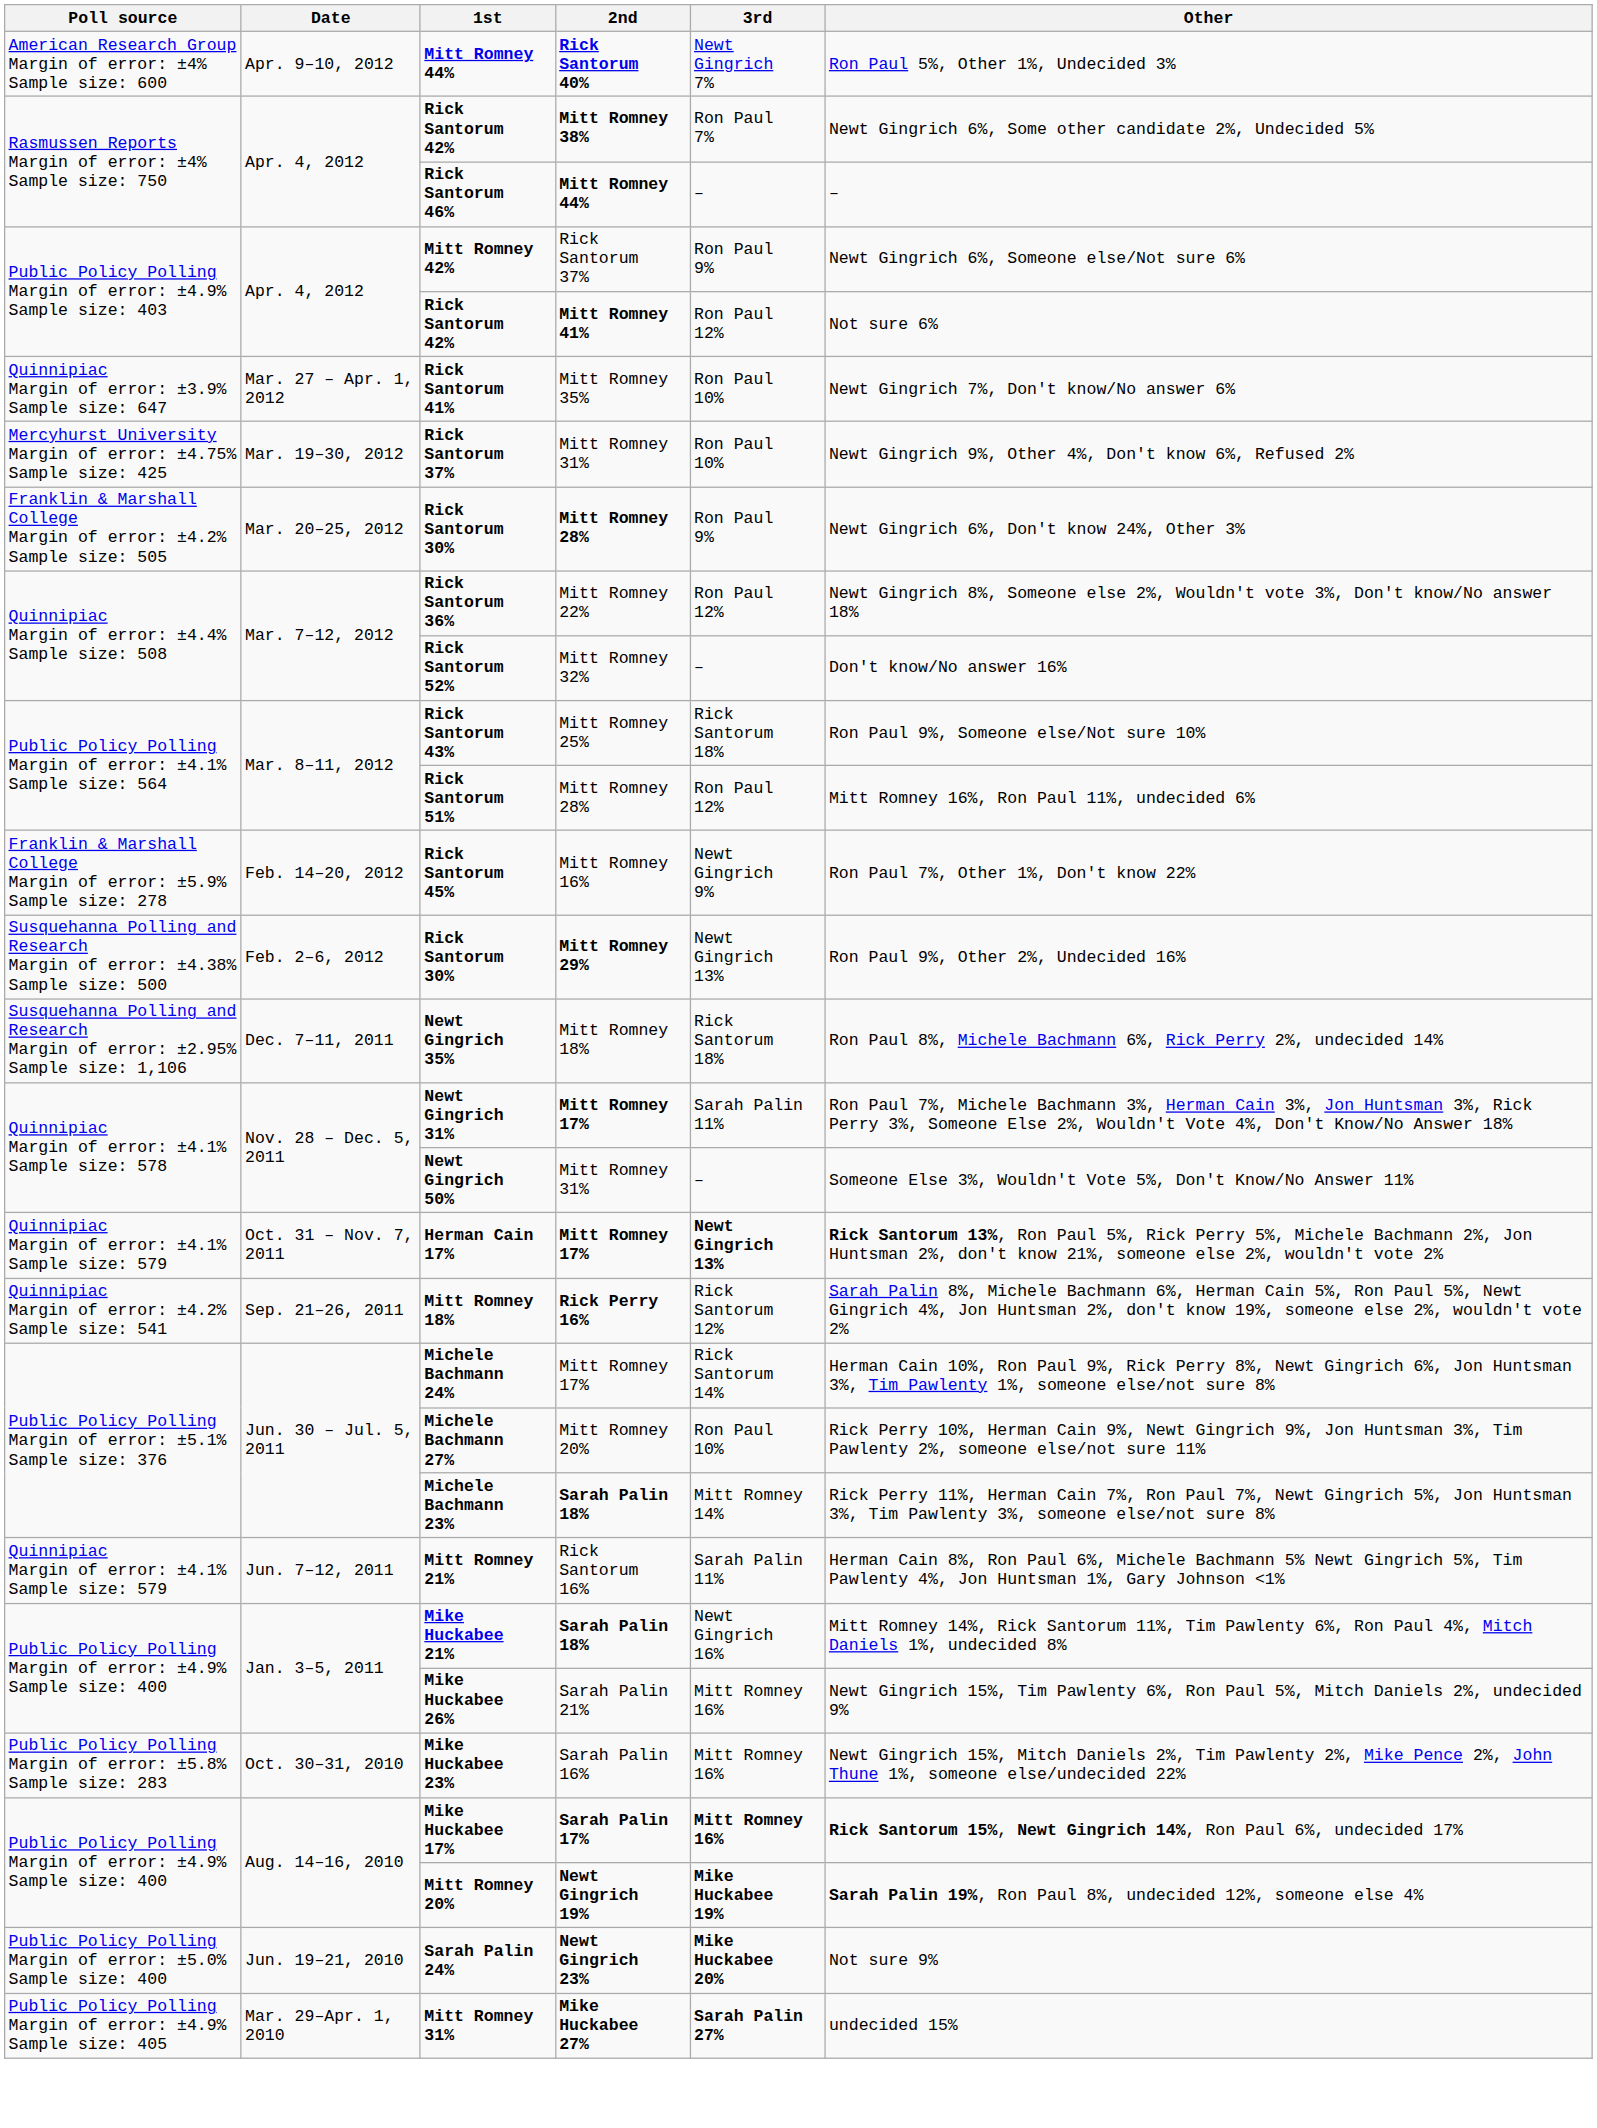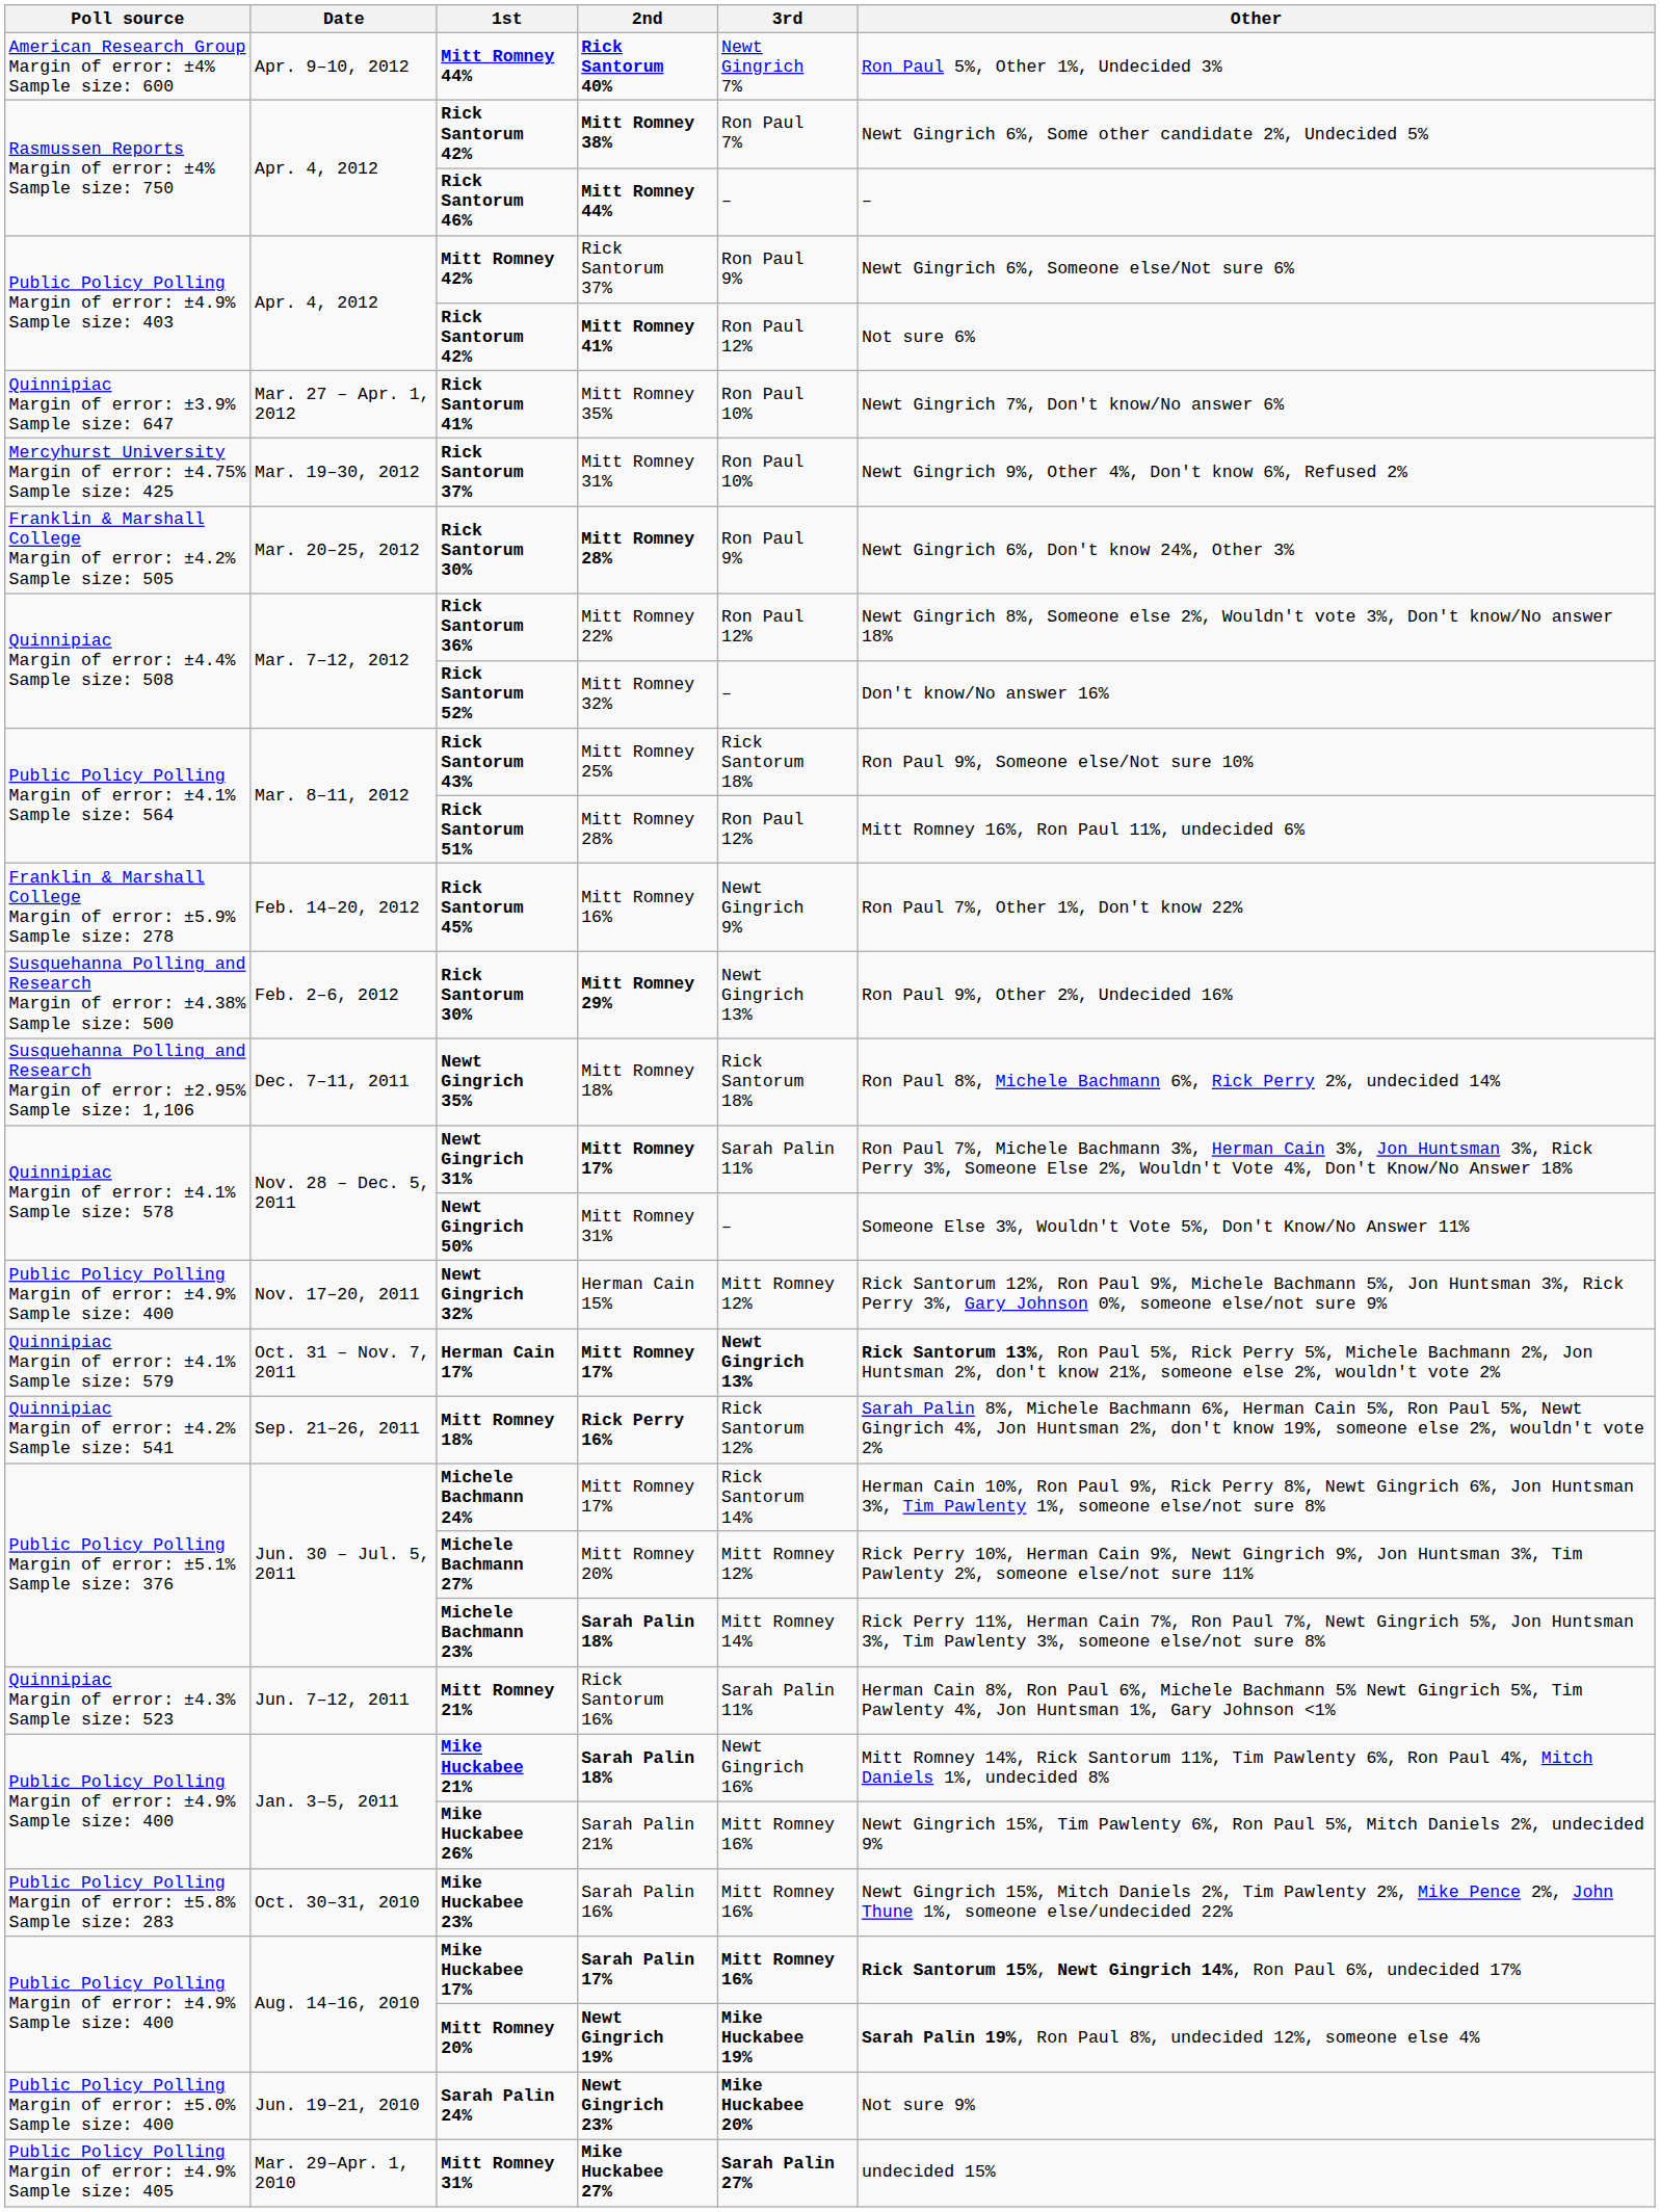 <table class="wikitable">
 <tr>
 <th style="width:180px;">Poll source</th>
 <th style="width:135px;">Date</th>
 <th style="width:100px;">1st</th>
 <th style="width:100px;">2nd</th>
 <th style="width:100px;">3rd</th>
 <th>Other</th>
 </tr>
 <tr>
 <td><a href='#'>American Research Group</a><br>Margin of error: ±4% <br>Sample size: 600</td>
 <td>Apr. 9–10, 2012</td>
 <td><strong><a href='#'>Mitt Romney</a><br>44%</strong></td>
 <td><strong><a href='#'>Rick Santorum</a><br> 40%</strong></td>
 <td><a href='#'>Newt Gingrich</a><br>7%</td>
 <td><a href='#'>Ron Paul</a> 5%, Other 1%, Undecided 3%</td>
 </tr>
 <tr>
 <td rowspan=2><a href='#'>Rasmussen Reports</a><br>Margin of error: ±4% <br>Sample size: 750</td>
 <td rowspan=2>Apr. 4, 2012</td>
 <td><strong>Rick Santorum<br> 42%</strong></td>
 <td><strong>Mitt Romney<br>38%</strong></td>
 <td>Ron Paul<br>7%</td>
 <td>Newt Gingrich 6%, Some other candidate 2%, Undecided 5%</td>
 </tr>
 <tr>
 <td><strong>Rick Santorum<br>46%</strong></td>
 <td><strong>Mitt Romney<br> 44%</strong></td>
 <td>–</td>
 <td>–</td>
 </tr>
 <tr>
 <td rowspan=2><a href='#'>Public Policy Polling</a><br>Margin of error: ±4.9% <br>Sample size: 403</td>
 <td rowspan=2>Apr. 4, 2012</td>
 <td><strong>Mitt Romney<br> 42%</strong></td>
 <td>Rick Santorum<br>37%</td>
 <td>Ron Paul<br>9%</td>
 <td>Newt Gingrich 6%, Someone else/Not sure 6%</td>
 </tr>
 <tr>
 <td><strong>Rick Santorum<br>42%</strong></td>
 <td><strong>Mitt Romney<br> 41%</strong></td>
 <td>Ron Paul<br>12%</td>
 <td>Not sure 6%</td>
 </tr>
 <tr>
 <td><a href='#'>Quinnipiac</a><br>Margin of error: ±3.9% <br>Sample size: 647</td>
 <td>Mar. 27 – Apr. 1, 2012</td>
 <td><strong>Rick Santorum<br> 41%</strong></td>
 <td>Mitt Romney<br> 35%</td>
 <td>Ron Paul<br> 10%</td>
 <td>Newt Gingrich 7%, Don't know/No answer 6%</td>
 </tr>
 <tr>
 <td><a href='#'>Mercyhurst University</a><br>Margin of error: ±4.75% <br>Sample size: 425</td>
 <td>Mar. 19–30, 2012</td>
 <td><strong>Rick Santorum<br> 37%</strong></td>
 <td>Mitt Romney<br> 31%</td>
 <td>Ron Paul<br> 10%</td>
 <td>Newt Gingrich 9%, Other 4%, Don't know 6%, Refused 2%</td>
 </tr>
 <tr>
 <td><a href='#'>Franklin & Marshall College</a><br>Margin of error: ±4.2% <br>Sample size: 505</td>
 <td>Mar. 20–25, 2012</td>
 <td><strong>Rick Santorum<br> 30%</strong></td>
 <td><strong>Mitt Romney<br> 28%</strong></td>
 <td>Ron Paul<br> 9%</td>
 <td>Newt Gingrich 6%, Don't know 24%, Other 3%</td>
 </tr>
 <tr>
 <td rowspan=2><a href='#'>Quinnipiac</a><br>Margin of error: ±4.4% <br>Sample size: 508</td>
 <td rowspan=2>Mar. 7–12, 2012</td>
 <td><strong>Rick Santorum<br> 36%</strong></td>
 <td>Mitt Romney<br> 22%</td>
 <td>Ron Paul<br> 12%</td>
 <td>Newt Gingrich 8%, Someone else 2%, Wouldn't vote 3%, Don't know/No answer 18%</td>
 </tr>
 <tr>
 <td><strong>Rick Santorum<br> 52%</strong></td>
 <td>Mitt Romney<br> 32%</td>
 <td>–</td>
 <td>Don't know/No answer 16%</td>
 </tr>
 <tr>
 <td rowspan=2><a href='#'>Public Policy Polling</a><br>Margin of error: ±4.1% <br>Sample size: 564</td>
 <td rowspan=2>Mar. 8–11, 2012</td>
 <td><strong>Rick Santorum<br> 43%</strong></td>
 <td>Mitt Romney<br> 25%</td>
 <td>Rick Santorum<br> 18%</td>
 <td>Ron Paul 9%, Someone else/Not sure 10%</td>
 </tr>
 <tr>
 <td><strong>Rick Santorum<br> 51%</strong></td>
 <td>Mitt Romney<br> 28%</td>
 <td>Ron Paul<br> 12%</td>
 <td>Mitt Romney 16%, Ron Paul 11%, undecided 6%</td>
 </tr>
 <tr>
 <td><a href='#'>Franklin & Marshall College</a><br>Margin of error: ±5.9% <br>Sample size: 278</td>
 <td>Feb. 14–20, 2012</td>
 <td><strong> Rick Santorum<br> 45%</strong></td>
 <td>Mitt Romney<br> 16%</td>
 <td>Newt Gingrich<br> 9%</td>
 <td>Ron Paul 7%, Other 1%, Don't know 22%</td>
 </tr>
 <tr>
 <td><a href='#'>Susquehanna Polling and Research</a><br>Margin of error: ±4.38% <br>Sample size: 500</td>
 <td>Feb. 2–6, 2012</td>
 <td><strong>Rick Santorum<br> 30%</strong></td>
 <td><strong>Mitt Romney<br> 29%</strong></td>
 <td>Newt Gingrich<br> 13%</td>
 <td>Ron Paul 9%, Other 2%, Undecided 16%</td>
 </tr>
 <tr>
 <td><a href='#'>Susquehanna Polling and Research</a><br>Margin of error: ±2.95% <br>Sample size: 1,106</td>
 <td>Dec. 7–11, 2011</td>
 <td><strong>Newt Gingrich<br> 35%</strong></td>
 <td>Mitt Romney<br> 18%</td>
 <td>Rick Santorum<br> 18%</td>
 <td>Ron Paul 8%, <a href='#'>Michele Bachmann</a> 6%, <a href='#'>Rick Perry</a> 2%, undecided 14%</td>
 </tr>
 <tr>
 <td rowspan=2><a href='#'>Quinnipiac</a><br>Margin of error: ±4.1% <br>Sample size: 578</td>
 <td rowspan=2>Nov. 28 – Dec. 5, 2011</td>
 <td><strong>Newt Gingrich<br> 31%</strong></td>
 <td><strong>Mitt Romney<br> 17%</strong></td>
 <td>Sarah Palin<br> 11%</td>
 <td>Ron Paul 7%, Michele Bachmann 3%, <a href='#'>Herman Cain</a> 3%, <a href='#'>Jon Huntsman</a> 3%, Rick Perry 3%, Someone Else 2%, Wouldn't Vote 4%, Don't Know/No Answer 18%</td>
 </tr>
 <tr>
 <td><strong>Newt Gingrich<br> 50%</strong></td>
 <td>Mitt Romney<br> 31%</td>
 <td>–</td>
 <td>Someone Else 3%, Wouldn't Vote 5%, Don't Know/No Answer 11%</td>
 </tr>
 <tr>
+<td><a href='#'>Public Policy Polling</a><br>Margin of error: ±4.9% <br>Sample size: 400</td>
+<td>Nov. 17–20, 2011</td>
+<td><strong>Newt Gingrich<br> 32%</strong></td>
+<td>Herman Cain<br> 15%</td>
+<td>Mitt Romney<br> 12%</td>
+<td>Rick Santorum 12%, Ron Paul 9%, Michele Bachmann 5%, Jon Huntsman 3%, Rick Perry 3%, <a href='#'>Gary Johnson</a> 0%, someone else/not sure 9%</td>
+</tr>
+<tr>
 <td><a href='#'>Quinnipiac</a><br>Margin of error: ±4.1% <br>Sample size: 579</td>
 <td>Oct. 31 – Nov. 7, 2011</td>
 <td><strong>Herman Cain<br> 17%</strong></td>
 <td><strong>Mitt Romney<br> 17%</strong></td>
 <td><strong>Newt Gingrich<br> 13%</strong></td>
 <td><span><strong>Rick Santorum 13%</strong></span>, Ron Paul 5%, Rick Perry 5%, Michele Bachmann 2%, Jon Huntsman 2%, don't know 21%, someone else 2%, wouldn't vote 2%</td>
 </tr>
 <tr>
 <td><a href='#'>Quinnipiac</a><br>Margin of error: ±4.2% <br>Sample size: 541</td>
 <td>Sep. 21–26, 2011</td>
 <td><strong>Mitt Romney<br> 18%</strong></td>
 <td><strong>Rick Perry<br> 16%</strong></td>
 <td>Rick Santorum<br> 12%</td>
 <td><a href='#'>Sarah Palin</a> 8%, Michele Bachmann 6%, Herman Cain 5%, Ron Paul 5%, Newt Gingrich 4%, Jon Huntsman 2%, don't know 19%, someone else 2%, wouldn't vote 2%</td>
 </tr>
 <tr>
 <td rowspan=3><a href='#'>Public Policy Polling</a><br>Margin of error: ±5.1% <br>Sample size: 376</td>
 <td rowspan=3>Jun. 30 – Jul. 5, 2011</td>
 <td><strong>Michele Bachmann<br> 24%</strong></td>
 <td>Mitt Romney<br> 17%</td>
 <td>Rick Santorum<br> 14%</td>
 <td>Herman Cain 10%, Ron Paul 9%, Rick Perry 8%, Newt Gingrich 6%, Jon Huntsman 3%, <a href='#'>Tim Pawlenty</a> 1%, someone else/not sure 8%</td>
 </tr>
 <tr>
 <td><strong>Michele Bachmann<br> 27%</strong></td>
 <td>Mitt Romney<br> 20%</td>
-<td>Ron Paul<br> 10%</td>
+<td>Mitt Romney<br> 12%</td>
 <td>Rick Perry 10%, Herman Cain 9%, Newt Gingrich 9%, Jon Huntsman 3%, Tim Pawlenty 2%, someone else/not sure 11%</td>
 </tr>
 <tr>
 <td><strong>Michele Bachmann<br> 23%</strong></td>
 <td><strong>Sarah Palin<br> 18%</strong></td>
 <td>Mitt Romney<br> 14%</td>
 <td>Rick Perry 11%, Herman Cain 7%, Ron Paul 7%, Newt Gingrich 5%, Jon Huntsman 3%, Tim Pawlenty 3%, someone else/not sure 8%</td>
 </tr>
 <tr>
-<td><a href='#'>Quinnipiac</a><br>Margin of error: ±4.1% <br>Sample size: 579</td>
+<td><a href='#'>Quinnipiac</a><br>Margin of error: ±4.3% <br>Sample size: 523</td>
 <td>Jun. 7–12, 2011</td>
 <td><strong>Mitt Romney<br> 21%</strong></td>
 <td>Rick Santorum<br> 16%</td>
 <td>Sarah Palin<br> 11%</td>
 <td>Herman Cain 8%, Ron Paul 6%, Michele Bachmann 5% Newt Gingrich 5%, Tim Pawlenty 4%, Jon Huntsman 1%, Gary Johnson <1%</td>
 </tr>
 <tr>
 <td rowspan=2><a href='#'>Public Policy Polling</a><br>Margin of error: ±4.9% <br>Sample size: 400</td>
 <td rowspan=2>Jan. 3–5, 2011</td>
 <td><strong><a href='#'>Mike Huckabee</a><br> 21%</strong></td>
 <td><strong>Sarah Palin<br> 18%</strong></td>
 <td>Newt Gingrich<br> 16%</td>
 <td>Mitt Romney 14%, Rick Santorum 11%, Tim Pawlenty 6%, Ron Paul 4%, <a href='#'>Mitch Daniels</a> 1%, undecided 8%</td>
 </tr>
 <tr>
 <td><strong>Mike Huckabee<br> 26%</strong></td>
 <td>Sarah Palin<br> 21%</td>
 <td>Mitt Romney<br> 16%</td>
 <td>Newt Gingrich 15%, Tim Pawlenty 6%, Ron Paul 5%, Mitch Daniels 2%, undecided 9%</td>
 </tr>
 <tr>
 <td><a href='#'>Public Policy Polling</a><br>Margin of error: ±5.8% <br>Sample size: 283</td>
 <td>Oct. 30–31, 2010</td>
 <td><strong>Mike Huckabee<br> 23%</strong></td>
 <td>Sarah Palin<br> 16%</td>
 <td>Mitt Romney<br> 16%</td>
 <td>Newt Gingrich 15%, Mitch Daniels 2%, Tim Pawlenty 2%, <a href='#'>Mike Pence</a> 2%, <a href='#'>John Thune</a> 1%, someone else/undecided 22%</td>
 </tr>
 <tr>
 <td rowspan=2><a href='#'>Public Policy Polling</a><br>Margin of error: ±4.9% <br>Sample size: 400</td>
 <td rowspan=2>Aug. 14–16, 2010</td>
 <td><strong>Mike Huckabee<br> 17%</strong></td>
 <td><strong>Sarah Palin<br> 17%</strong></td>
 <td><strong>Mitt Romney<br> 16%</strong></td>
 <td><span><strong>Rick Santorum 15%</strong></span>, <span><strong>Newt Gingrich 14%</strong></span>, Ron Paul 6%, undecided 17%</td>
 </tr>
 <tr>
 <td><strong>Mitt Romney<br> 20%</strong></td>
 <td><strong>Newt Gingrich<br> 19%</strong></td>
 <td><strong>Mike Huckabee<br> 19%</strong></td>
 <td><span><strong>Sarah Palin 19%</strong></span>, Ron Paul 8%, undecided 12%, someone else 4%</td>
 </tr>
 <tr>
 <td><a href='#'>Public Policy Polling</a><br>Margin of error: ±5.0% <br>Sample size: 400</td>
 <td>Jun. 19–21, 2010</td>
 <td><strong>Sarah Palin<br> 24%</strong></td>
 <td><strong>Newt Gingrich<br> 23%</strong></td>
 <td><strong>Mike Huckabee<br> 20%</strong></td>
 <td>Not sure 9%</td>
 </tr>
 <tr>
 <td><a href='#'>Public Policy Polling</a><br>Margin of error: ±4.9% <br>Sample size: 405</td>
 <td>Mar. 29–Apr. 1, 2010</td>
 <td><strong>Mitt Romney<br> 31%</strong></td>
 <td><strong>Mike Huckabee<br> 27%</strong></td>
 <td><strong>Sarah Palin<br> 27%</strong></td>
 <td>undecided 15%</td>
 </tr>
 </table>
